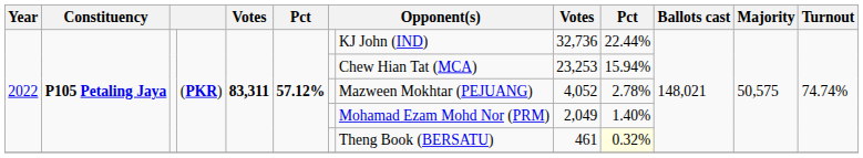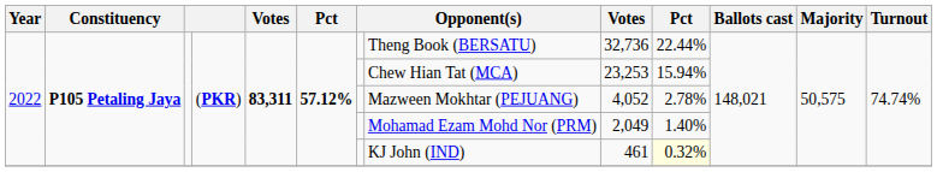 <table class="wikitable" style="margin:0.5em ; font-size:95%">
 <tr>
 <th>Year</th>
 <th>Constituency</th>
 <th colspan=2></th>
 <th>Votes</th>
 <th>Pct</th>
 <th colspan=2>Opponent(s)</th>
 <th>Votes</th>
 <th>Pct</th>
 <th>Ballots cast</th>
 <th>Majority</th>
 <th>Turnout</th>
 </tr>
 <tr>
 <td rowspan=5><a href='#'>2022</a></td>
 <td rowspan=5><strong>P105 <a href='#'>Petaling Jaya</a></strong></td>
 <td rowspan=5 ></td>
 <td rowspan=5> (<a href='#'><strong>PKR</strong></a>)</td>
 <td rowspan=5 align="right"><strong>83,311</strong></td>
 <td rowspan=5 align="right"><strong>57.12%</strong></td>
 <td></td>
-<td>KJ John (<a href='#'>IND</a>)</td>
+<td>Theng Book (<a href='#'>BERSATU</a>)</td>
 <td align="right">32,736</td>
 <td>22.44%</td>
 <td rowspan=5>148,021</td>
 <td rowspan=5>50,575</td>
 <td rowspan=5>74.74%</td>
 </tr>
 <tr>
 <td></td>
 <td>Chew Hian Tat	(<a href='#'>MCA</a>)</td>
 <td align="right">23,253</td>
 <td align="right">15.94%</td>
 </tr>
 <tr>
 <td bgcolor=></td>
 <td>Mazween Mokhtar (<a href='#'>PEJUANG</a>)</td>
 <td align="right">4,052</td>
 <td align="right">2.78%</td>
 </tr>
 <tr>
 <td bgcolor=></td>
 <td><a href='#'>Mohamad Ezam Mohd Nor</a> (<a href='#'>PRM</a>)</td>
 <td align="right">2,049</td>
 <td align="right">1.40%</td>
 </tr>
 <tr>
 <td></td>
-<td>Theng Book (<a href='#'>BERSATU</a>)</td>
+<td>KJ John (<a href='#'>IND</a>)</td>
 <td align="right">461</td>
 <td align="right" style="background: lightyellow;">0.32%</td>
 </tr>
 <tr>
 </tr>
 </table>
